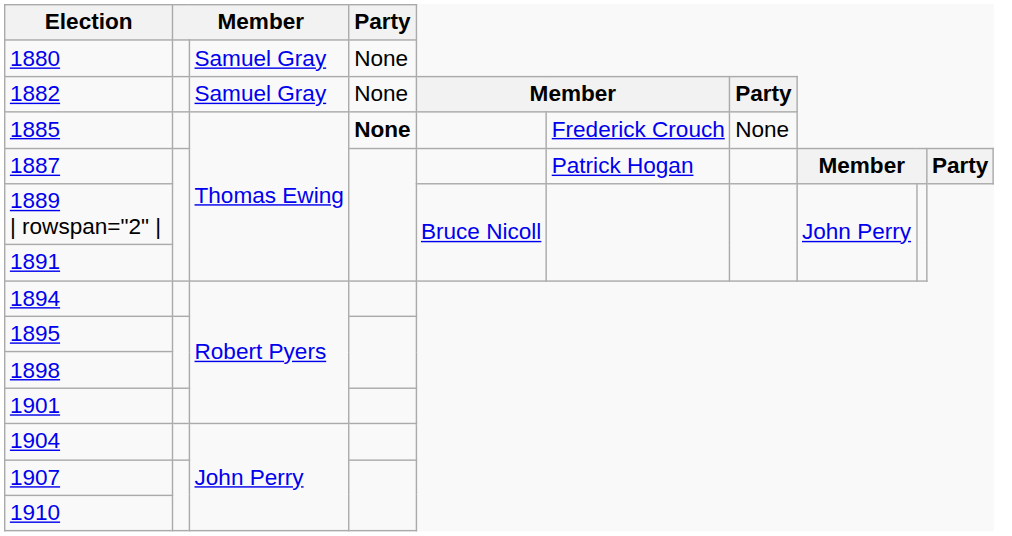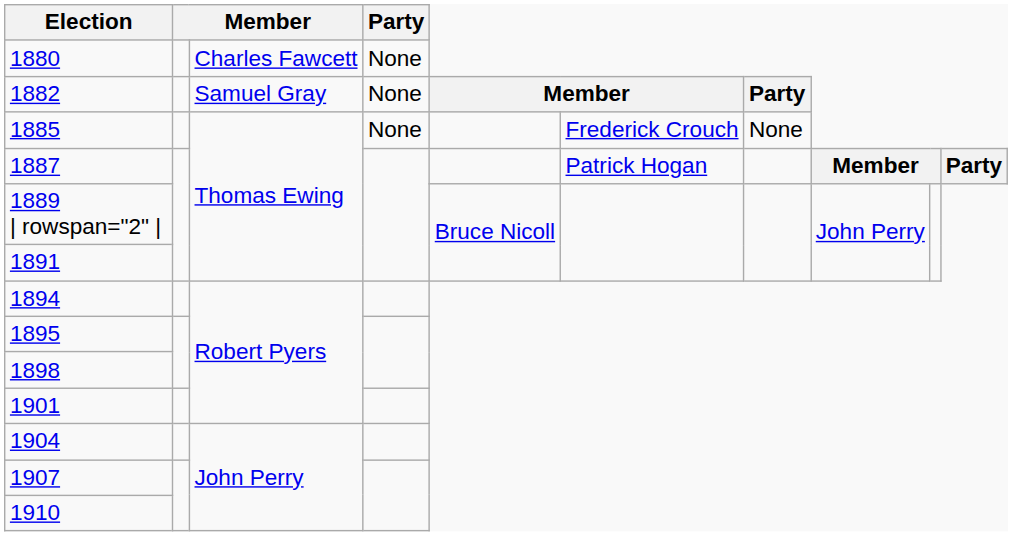 <table class="wikitable" style='border-style: none none none none;'>
 <tr>
 <th>Election</th>
 <th colspan="2">Member</th>
 <th>Party</th>
 </tr>
 <tr style="background: #f9f9f9">
 <td><a href='#'>1880</a></td>
 <td> </td>
-<td><a href='#'>Samuel Gray</a></td>
+<td><a href='#'>Charles Fawcett</a></td>
 <td>None</td>
 </tr>
 <tr style="background: #f9f9f9">
 <td><a href='#'>1882</a></td>
 <td> </td>
 <td><a href='#'>Samuel Gray</a></td>
 <td>None</td>
 <th colspan="2">Member</th>
 <th>Party</th>
 </tr>
 <tr style="background: #f9f9f9">
 <td><a href='#'>1885</a></td>
 <td> </td>
 <td rowspan="4"><a href='#'>Thomas Ewing</a></td>
-<td><strong>None</strong></td>
+<td>None</td>
 <td> </td>
 <td><a href='#'>Frederick Crouch</a></td>
 <td>None</td>
 </tr>
 <tr style="background: #f9f9f9">
 <td><a href='#'>1887</a></td>
 <td rowspan="3" > </td>
 <td rowspan="3"></td>
 <td> </td>
 <td><a href='#'>Patrick Hogan</a></td>
 <td></td>
 <th colspan="2">Member</th>
 <th>Party</th>
 </tr>
 <tr style="background: #f9f9f9">
 <td><a href='#'>1889</a><br>| rowspan="2" | </td>
 <td rowspan="2"><a href='#'>Bruce Nicoll</a></td>
 <td rowspan="2"></td>
 <td rowspan="2" > </td>
 <td rowspan="2"><a href='#'>John Perry</a></td>
 <td rowspan="2"></td>
 </tr>
 <tr style="background: #f9f9f9">
 <td><a href='#'>1891</a></td>
 </tr>
 <tr style="background: #f9f9f9">
 <td><a href='#'>1894</a></td>
 <td> </td>
 <td rowspan="4"><a href='#'>Robert Pyers</a></td>
 <td></td>
 </tr>
 <tr style="background: #f9f9f9">
 <td><a href='#'>1895</a></td>
 <td rowspan="2" > </td>
 <td rowspan="2"></td>
 </tr>
 <tr style="background: #f9f9f9">
 <td><a href='#'>1898</a></td>
 </tr>
 <tr style="background: #f9f9f9">
 <td><a href='#'>1901</a></td>
 <td> </td>
 <td></td>
 </tr>
 <tr style="background: #f9f9f9">
 <td><a href='#'>1904</a></td>
 <td> </td>
 <td rowspan="3"><a href='#'>John Perry</a></td>
 <td></td>
 </tr>
 <tr style="background: #f9f9f9">
 <td><a href='#'>1907</a></td>
 <td rowspan="2" > </td>
 <td rowspan="2"></td>
 </tr>
 <tr style="background: #f9f9f9">
 <td><a href='#'>1910</a></td>
 </tr>
 </table>
